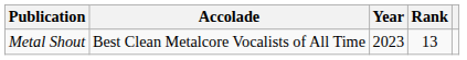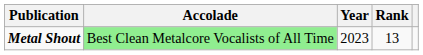 <table class="wikitable plainrowheaders" style="text-align:center">
 <tr>
 <th>Publication</th>
 <th>Accolade</th>
 <th>Year</th>
 <th>Rank</th>
 <th class="unsortable"></th>
 </tr>
 <tr>
-<td><em>Metal Shout</em></td>
-<td>Best Clean Metalcore Vocalists of All Time</td>
+<td><strong><em>Metal Shout</em></strong></td>
+<td style="background: lightgreen;">Best Clean Metalcore Vocalists of All Time</td>
 <td>2023</td>
 <td>13</td>
 <td></td>
 </tr>
 </table>
